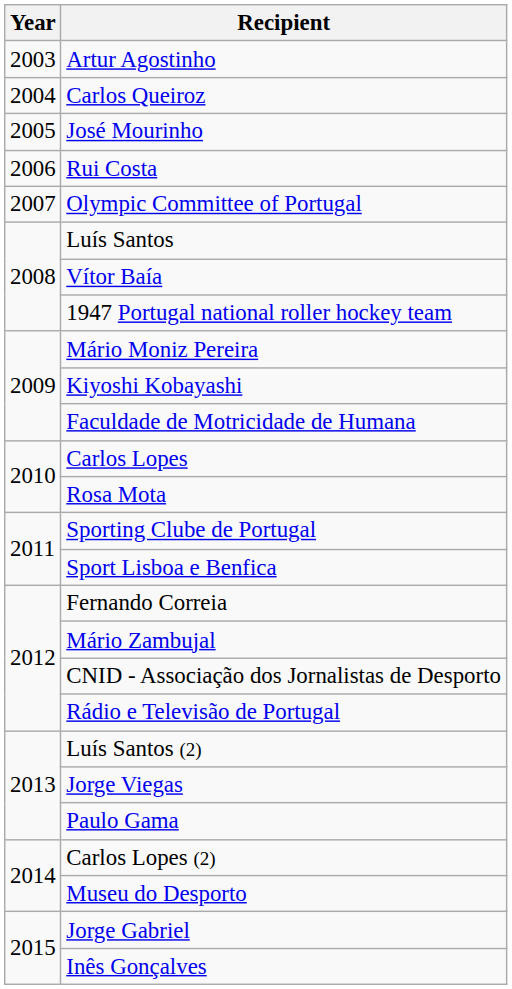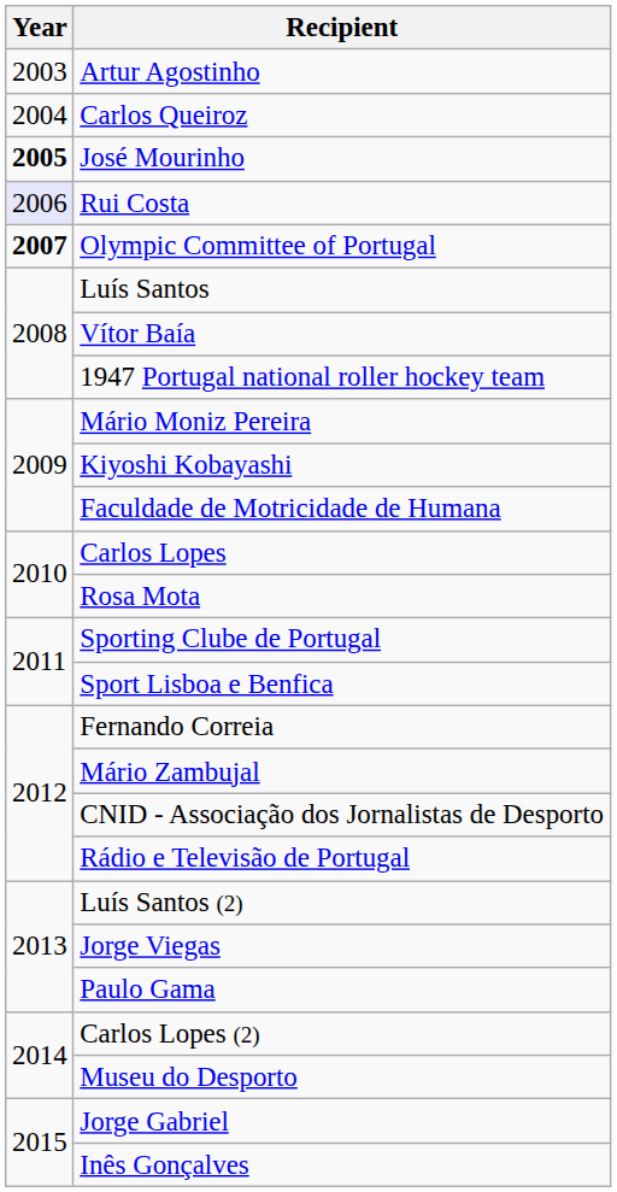 <table class="wikitable sortable">
 <tr>
 <th><strong>Year</strong></th>
 <th><strong>Recipient</strong></th>
 </tr>
 <tr>
 <td>2003</td>
 <td><a href='#'>Artur Agostinho</a></td>
 </tr>
 <tr>
 <td>2004</td>
 <td><a href='#'>Carlos Queiroz</a></td>
 </tr>
 <tr>
-<td>2005</td>
+<td><strong>2005</strong></td>
 <td><a href='#'>José Mourinho</a></td>
 </tr>
 <tr>
-<td>2006</td>
+<td style="background: lavender;">2006</td>
 <td><a href='#'>Rui Costa</a></td>
 </tr>
 <tr>
-<td>2007</td>
+<td><strong>2007</strong></td>
 <td><a href='#'>Olympic Committee of Portugal</a></td>
 </tr>
 <tr>
 <td rowspan=3>2008</td>
 <td>Luís Santos</td>
 </tr>
 <tr>
 <td><a href='#'>Vítor Baía</a></td>
 </tr>
 <tr>
 <td>1947 <a href='#'>Portugal national roller hockey team</a></td>
 </tr>
 <tr>
 <td rowspan=3>2009</td>
 <td><a href='#'>Mário Moniz Pereira</a></td>
 </tr>
 <tr>
 <td><a href='#'>Kiyoshi Kobayashi</a></td>
 </tr>
 <tr>
 <td><a href='#'>Faculdade de Motricidade de Humana</a></td>
 </tr>
 <tr>
 <td rowspan=2>2010</td>
 <td><a href='#'>Carlos Lopes</a></td>
 </tr>
 <tr>
 <td><a href='#'>Rosa Mota</a></td>
 </tr>
 <tr>
 <td rowspan=2>2011</td>
 <td><a href='#'>Sporting Clube de Portugal</a></td>
 </tr>
 <tr>
 <td><a href='#'>Sport Lisboa e Benfica</a></td>
 </tr>
 <tr>
 <td rowspan=4>2012</td>
 <td>Fernando Correia</td>
 </tr>
 <tr>
 <td><a href='#'>Mário Zambujal</a></td>
 </tr>
 <tr>
 <td>CNID - Associação dos Jornalistas de Desporto</td>
 </tr>
 <tr>
 <td><a href='#'>Rádio e Televisão de Portugal</a></td>
 </tr>
 <tr>
 <td rowspan=3>2013</td>
 <td>Luís Santos <small>(2)</small></td>
 </tr>
 <tr>
 <td><a href='#'>Jorge Viegas</a></td>
 </tr>
 <tr>
 <td><a href='#'>Paulo Gama</a></td>
 </tr>
 <tr>
 <td rowspan=2>2014</td>
 <td>Carlos Lopes <small>(2)</small></td>
 </tr>
 <tr>
 <td><a href='#'>Museu do Desporto</a></td>
 </tr>
 <tr>
 <td rowspan=2>2015</td>
 <td><a href='#'>Jorge Gabriel</a></td>
 </tr>
 <tr>
 <td><a href='#'>Inês Gonçalves</a></td>
 </tr>
 </table>
